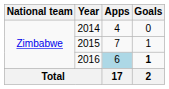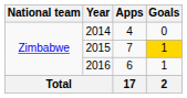 <table class="wikitable" style="text-align:center">
 <tr>
 <th>National team</th>
 <th>Year</th>
 <th>Apps</th>
 <th>Goals</th>
 </tr>
 <tr>
 <td rowspan="3"><a href='#'>Zimbabwe</a></td>
 <td>2014</td>
 <td>4</td>
 <td>0</td>
 </tr>
 <tr>
 <td>2015</td>
 <td>7</td>
-<td>1</td>
+<td style="background: gold;">1</td>
 </tr>
 <tr>
 <td>2016</td>
-<td style="background: lightblue;">6</td>
-<td><strong>1</strong></td>
+<td>6</td>
+<td>1</td>
 </tr>
 <tr>
 <th colspan=2>Total</th>
 <th>17</th>
 <th>2</th>
 </tr>
 </table>
